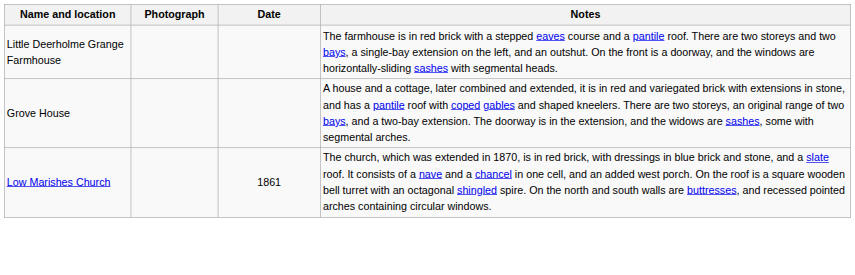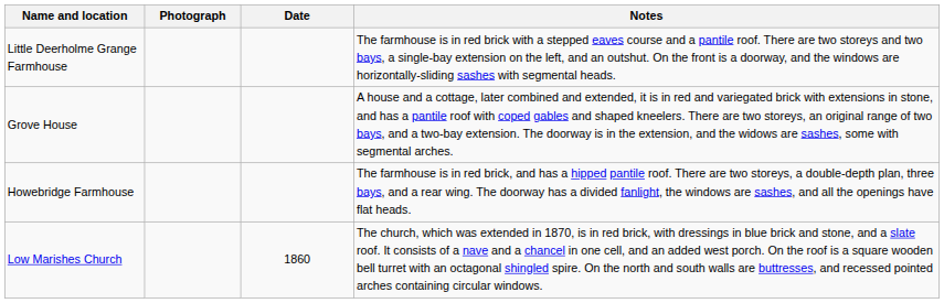 <table class="wikitable sortable plainrowheaders" style="width:100%;border:0px;text-align:left;line-height:150%;">
 <tr>
 <th scope="col"  style="width:150px">Name and location</th>
 <th scope="col"  style="width:100px" class="unsortable">Photograph</th>
 <th scope="col"  style="width:120px">Date</th>
 <th scope="col"  style="width:650px" class="unsortable">Notes</th>
 </tr>
 <tr>
 <td>Little Deerholme Grange Farmhouse<br><small></small></td>
 <td></td>
 <td align="center"></td>
 <td>The farmhouse is in red brick with a stepped <a href='#'>eaves</a> course and a <a href='#'>pantile</a> roof. There are two storeys and two <a href='#'>bays</a>, a single-bay extension on the left, and an outshut. On the front is a doorway, and the windows are horizontally-sliding <a href='#'>sashes</a> with segmental heads.</td>
 </tr>
 <tr>
 <td>Grove House<br><small></small></td>
 <td></td>
 <td align="center"></td>
 <td>A house and a cottage, later combined and extended, it is in red and variegated brick with extensions in stone, and has a <a href='#'>pantile</a> roof with <a href='#'>coped</a> <a href='#'>gables</a> and shaped kneelers. There are two storeys, an original range of two <a href='#'>bays</a>, and a two-bay extension. The doorway is in the extension, and the widows are <a href='#'>sashes</a>, some with segmental arches.</td>
 </tr>
 <tr>
+<td>Howebridge Farmhouse<br><small></small></td>
+<td></td>
+<td align="center"></td>
+<td>The farmhouse is in red brick, and has a <a href='#'>hipped</a> <a href='#'>pantile</a> roof. There are two storeys, a double-depth plan, three <a href='#'>bays</a>, and a rear wing. The doorway has a divided <a href='#'>fanlight</a>, the windows are <a href='#'>sashes</a>, and all the openings have flat heads.</td>
+</tr>
+<tr>
 <td><a href='#'>Low Marishes Church</a><br><small></small></td>
 <td></td>
-<td align="center">1861</td>
+<td align="center">1860</td>
 <td>The church, which was extended in 1870, is in red brick, with dressings in blue brick and stone, and a <a href='#'>slate</a> roof. It consists of a <a href='#'>nave</a> and a <a href='#'>chancel</a> in one cell, and an added west porch. On the roof is a square wooden bell turret with an octagonal <a href='#'>shingled</a> spire. On the north and south walls are <a href='#'>buttresses</a>, and recessed pointed arches containing circular windows.</td>
 </tr>
 <tr>
 </tr>
 </table>
